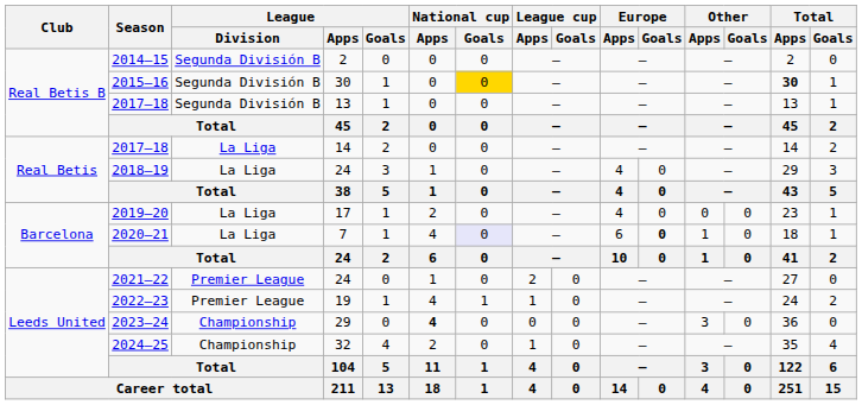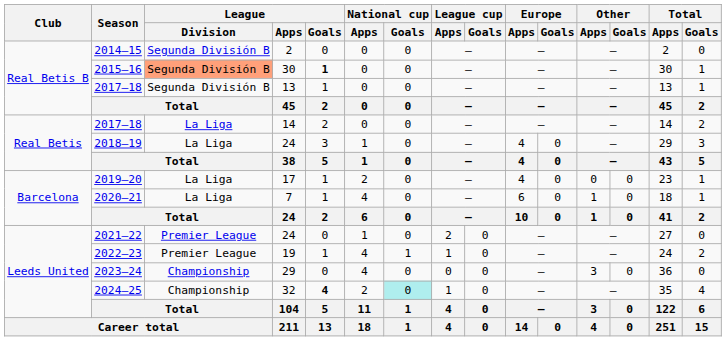 <table class="wikitable" style="text-align: center;">
 <tr>
 <th rowspan="2">Club</th>
 <th rowspan="2">Season</th>
 <th colspan="3">League</th>
 <th colspan="2">National cup</th>
 <th colspan="2">League cup</th>
 <th colspan="2">Europe</th>
 <th colspan="2">Other</th>
 <th colspan="2">Total</th>
 </tr>
 <tr>
 <th>Division</th>
 <th>Apps</th>
 <th>Goals</th>
 <th>Apps</th>
 <th>Goals</th>
 <th>Apps</th>
 <th>Goals</th>
 <th>Apps</th>
 <th>Goals</th>
 <th>Apps</th>
 <th>Goals</th>
 <th>Apps</th>
 <th>Goals</th>
 </tr>
 <tr>
 <td rowspan="4"><a href='#'>Real Betis B</a></td>
 <td><a href='#'>2014–15</a></td>
 <td><a href='#'>Segunda División B</a></td>
 <td>2</td>
 <td>0</td>
 <td>0</td>
 <td>0</td>
 <td colspan="2">—</td>
 <td colspan="2">—</td>
 <td colspan="2">—</td>
 <td>2</td>
 <td>0</td>
 </tr>
 <tr>
 <td><a href='#'>2015–16</a></td>
-<td>Segunda División B</td>
+<td style="background: lightsalmon;">Segunda División B</td>
 <td>30</td>
-<td>1</td>
+<td><strong>1</strong></td>
 <td>0</td>
-<td style="background: gold;">0</td>
+<td>0</td>
 <td colspan="2">—</td>
 <td colspan="2">—</td>
 <td colspan="2">—</td>
-<td><strong>30</strong></td>
+<td>30</td>
 <td>1</td>
 </tr>
 <tr>
 <td><a href='#'>2017–18</a></td>
 <td>Segunda División B</td>
 <td>13</td>
 <td>1</td>
 <td>0</td>
 <td>0</td>
 <td colspan="2">—</td>
 <td colspan="2">—</td>
 <td colspan="2">—</td>
 <td>13</td>
 <td>1</td>
 </tr>
 <tr>
 <th colspan="2">Total</th>
 <th>45</th>
 <th>2</th>
 <th>0</th>
 <th>0</th>
 <th colspan="2">—</th>
 <th colspan="2">—</th>
 <th colspan="2">—</th>
 <th>45</th>
 <th>2</th>
 </tr>
 <tr>
 <td rowspan="3"><a href='#'>Real Betis</a></td>
 <td><a href='#'>2017–18</a></td>
 <td><a href='#'>La Liga</a></td>
 <td>14</td>
 <td>2</td>
 <td>0</td>
 <td>0</td>
 <td colspan="2">—</td>
 <td colspan="2">—</td>
 <td colspan="2">—</td>
 <td>14</td>
 <td>2</td>
 </tr>
 <tr>
 <td><a href='#'>2018–19</a></td>
 <td>La Liga</td>
 <td>24</td>
 <td>3</td>
 <td>1</td>
 <td>0</td>
 <td colspan="2">—</td>
 <td>4</td>
 <td>0</td>
 <td colspan="2">—</td>
 <td>29</td>
 <td>3</td>
 </tr>
 <tr>
 <th colspan="2">Total</th>
 <th>38</th>
 <th>5</th>
 <th>1</th>
 <th>0</th>
 <th colspan="2">—</th>
 <th>4</th>
 <th>0</th>
 <th colspan="2">—</th>
 <th>43</th>
 <th>5</th>
 </tr>
 <tr>
 <td rowspan="3"><a href='#'>Barcelona</a></td>
 <td><a href='#'>2019–20</a></td>
 <td>La Liga</td>
 <td>17</td>
 <td>1</td>
 <td>2</td>
 <td>0</td>
 <td colspan="2">—</td>
 <td>4</td>
 <td>0</td>
 <td>0</td>
 <td>0</td>
 <td>23</td>
 <td>1</td>
 </tr>
 <tr>
 <td><a href='#'>2020–21</a></td>
 <td>La Liga</td>
 <td>7</td>
 <td>1</td>
 <td>4</td>
-<td style="background: lavender;">0</td>
+<td>0</td>
 <td colspan="2">—</td>
 <td>6</td>
-<td><strong>0</strong></td>
+<td>0</td>
 <td>1</td>
 <td>0</td>
 <td>18</td>
 <td>1</td>
 </tr>
 <tr>
 <th colspan="2">Total</th>
 <th>24</th>
 <th>2</th>
 <th>6</th>
 <th>0</th>
 <th colspan="2">—</th>
 <th>10</th>
 <th>0</th>
 <th>1</th>
 <th>0</th>
 <th>41</th>
 <th>2</th>
 </tr>
 <tr>
 <td rowspan="5"><a href='#'>Leeds United</a></td>
 <td><a href='#'>2021–22</a></td>
 <td><a href='#'>Premier League</a></td>
 <td>24</td>
 <td>0</td>
 <td>1</td>
 <td>0</td>
 <td>2</td>
 <td>0</td>
 <td colspan="2">—</td>
 <td colspan="2">—</td>
 <td>27</td>
 <td>0</td>
 </tr>
 <tr>
 <td><a href='#'>2022–23</a></td>
 <td>Premier League</td>
 <td>19</td>
 <td>1</td>
 <td>4</td>
 <td>1</td>
 <td>1</td>
 <td>0</td>
 <td colspan="2">—</td>
 <td colspan="2">—</td>
 <td>24</td>
 <td>2</td>
 </tr>
 <tr>
 <td><a href='#'>2023–24</a></td>
 <td><a href='#'>Championship</a></td>
 <td>29</td>
 <td>0</td>
-<td><strong>4</strong></td>
+<td>4</td>
 <td>0</td>
 <td>0</td>
 <td>0</td>
 <td colspan="2">—</td>
 <td>3</td>
 <td>0</td>
 <td>36</td>
 <td>0</td>
 </tr>
 <tr>
 <td><a href='#'>2024–25</a></td>
 <td>Championship</td>
 <td>32</td>
-<td>4</td>
+<td><strong>4</strong></td>
 <td>2</td>
-<td>0</td>
+<td style="background: paleturquoise;">0</td>
 <td>1</td>
 <td>0</td>
 <td colspan="2">—</td>
 <td colspan="2">—</td>
 <td>35</td>
 <td>4</td>
 </tr>
 <tr>
 <th colspan="2">Total</th>
 <th>104</th>
 <th>5</th>
 <th>11</th>
 <th>1</th>
 <th>4</th>
 <th>0</th>
 <th colspan="2">—</th>
 <th>3</th>
 <th>0</th>
 <th>122</th>
 <th>6</th>
 </tr>
 <tr>
 <th colspan="3">Career total</th>
 <th>211</th>
 <th>13</th>
 <th>18</th>
 <th>1</th>
 <th>4</th>
 <th>0</th>
 <th>14</th>
 <th>0</th>
 <th>4</th>
 <th>0</th>
 <th>251</th>
 <th>15</th>
 </tr>
 </table>
